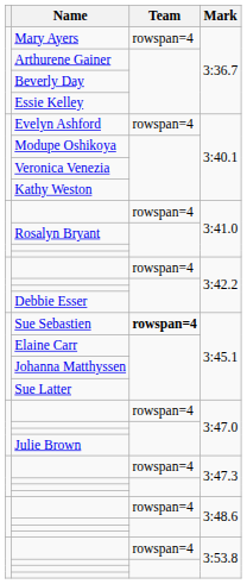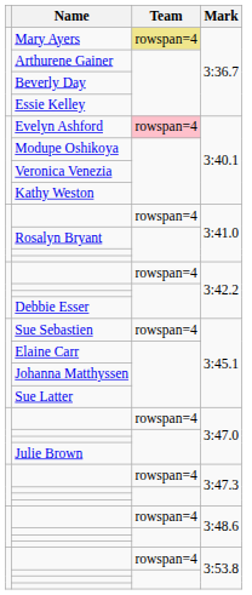 <table class=wikitable>
 <tr>
 <th></th>
 <th>Name</th>
 <th>Team</th>
 <th>Mark</th>
 </tr>
 <tr>
 <td rowspan=4></td>
 <td><a href='#'>Mary Ayers</a></td>
-<td>rowspan=4 </td>
+<td style="background: khaki;">rowspan=4 </td>
 <td rowspan=4>3:36.7</td>
 </tr>
 <tr>
 <td><a href='#'>Arthurene Gainer</a></td>
 </tr>
 <tr>
 <td><a href='#'>Beverly Day</a></td>
 </tr>
 <tr>
 <td><a href='#'>Essie Kelley</a></td>
 </tr>
 <tr>
 <td rowspan=4></td>
 <td><a href='#'>Evelyn Ashford</a></td>
-<td>rowspan=4 </td>
+<td style="background: pink;">rowspan=4 </td>
 <td rowspan=4>3:40.1</td>
 </tr>
 <tr>
 <td><a href='#'>Modupe Oshikoya</a></td>
 </tr>
 <tr>
 <td><a href='#'>Veronica Venezia</a></td>
 </tr>
 <tr>
 <td><a href='#'>Kathy Weston</a></td>
 </tr>
 <tr>
 <td rowspan=4></td>
 <td></td>
 <td>rowspan=4 </td>
 <td rowspan=4>3:41.0</td>
 </tr>
 <tr>
 <td><a href='#'>Rosalyn Bryant</a></td>
 </tr>
 <tr>
 <td></td>
 </tr>
 <tr>
 <td></td>
 </tr>
 <tr>
 <td rowspan=4></td>
 <td></td>
 <td>rowspan=4 </td>
 <td rowspan=4>3:42.2</td>
 </tr>
 <tr>
 <td></td>
 </tr>
 <tr>
 <td></td>
 </tr>
 <tr>
 <td><a href='#'>Debbie Esser</a></td>
 </tr>
 <tr>
 <td rowspan=4></td>
 <td><a href='#'>Sue Sebastien</a></td>
-<td><strong>rowspan=4 </strong></td>
+<td>rowspan=4 </td>
 <td rowspan=4>3:45.1</td>
 </tr>
 <tr>
 <td><a href='#'>Elaine Carr</a></td>
 </tr>
 <tr>
 <td><a href='#'>Johanna Matthyssen</a></td>
 </tr>
 <tr>
 <td><a href='#'>Sue Latter</a></td>
 </tr>
 <tr>
 <td rowspan=4></td>
 <td></td>
 <td>rowspan=4 </td>
 <td rowspan=4>3:47.0</td>
 </tr>
 <tr>
 <td></td>
 </tr>
 <tr>
 <td></td>
 </tr>
 <tr>
 <td><a href='#'>Julie Brown</a></td>
 </tr>
 <tr>
 <td rowspan=4></td>
 <td></td>
 <td>rowspan=4 </td>
 <td rowspan=4>3:47.3</td>
 </tr>
 <tr>
 <td></td>
 </tr>
 <tr>
 <td></td>
 </tr>
 <tr>
 <td></td>
 </tr>
 <tr>
 <td rowspan=4></td>
 <td></td>
 <td>rowspan=4 </td>
 <td rowspan=4>3:48.6</td>
 </tr>
 <tr>
 <td></td>
 </tr>
 <tr>
 <td></td>
 </tr>
 <tr>
 <td></td>
 </tr>
 <tr>
 <td rowspan=4></td>
 <td></td>
 <td>rowspan=4 </td>
 <td rowspan=4>3:53.8</td>
 </tr>
 <tr>
 <td></td>
 </tr>
 <tr>
 <td></td>
 </tr>
 <tr>
 <td></td>
 </tr>
 </table>
